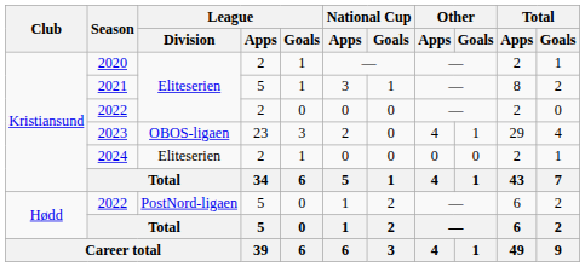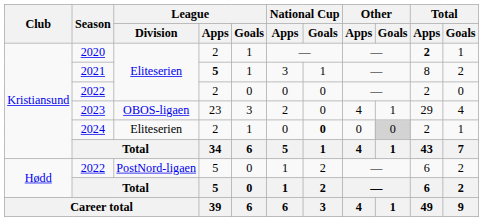 <table class="wikitable" Style="text-align: center">
 <tr>
 <th rowspan="2">Club</th>
 <th rowspan="2">Season</th>
 <th colspan="3">League</th>
 <th colspan="2">National Cup</th>
 <th colspan="2">Other</th>
 <th colspan="2">Total</th>
 </tr>
 <tr>
 <th>Division</th>
 <th>Apps</th>
 <th>Goals</th>
 <th>Apps</th>
 <th>Goals</th>
 <th>Apps</th>
 <th>Goals</th>
 <th>Apps</th>
 <th>Goals</th>
 </tr>
 <tr>
 <td rowspan="6"><a href='#'>Kristiansund</a></td>
 <td><a href='#'>2020</a></td>
 <td rowspan="3"><a href='#'>Eliteserien</a></td>
 <td>2</td>
 <td>1</td>
 <td colspan="2">—</td>
 <td colspan="2">—</td>
-<td>2</td>
+<td><strong>2</strong></td>
 <td>1</td>
 </tr>
 <tr>
 <td><a href='#'>2021</a></td>
-<td>5</td>
+<td><strong>5</strong></td>
 <td>1</td>
 <td>3</td>
 <td>1</td>
 <td colspan="2">—</td>
 <td>8</td>
 <td>2</td>
 </tr>
 <tr>
 <td><a href='#'>2022</a></td>
 <td>2</td>
 <td>0</td>
 <td>0</td>
 <td>0</td>
 <td colspan="2">—</td>
 <td>2</td>
 <td>0</td>
 </tr>
 <tr>
 <td><a href='#'>2023</a></td>
 <td><a href='#'>OBOS-ligaen</a></td>
 <td>23</td>
 <td>3</td>
 <td>2</td>
 <td>0</td>
 <td>4</td>
 <td>1</td>
 <td>29</td>
 <td>4</td>
 </tr>
 <tr>
 <td><a href='#'>2024</a></td>
 <td>Eliteserien</td>
 <td>2</td>
 <td>1</td>
 <td>0</td>
+<td><strong>0</strong></td>
 <td>0</td>
-<td>0</td>
-<td>0</td>
+<td style="background: lightgrey;">0</td>
 <td>2</td>
 <td>1</td>
 </tr>
 <tr>
 <th colspan="2">Total</th>
 <th>34</th>
 <th>6</th>
 <th>5</th>
 <th>1</th>
 <th>4</th>
 <th>1</th>
 <th>43</th>
 <th>7</th>
 </tr>
 <tr>
 <td rowspan="2"><a href='#'>Hødd</a></td>
 <td><a href='#'>2022</a></td>
 <td><a href='#'>PostNord-ligaen</a></td>
 <td>5</td>
 <td>0</td>
 <td>1</td>
 <td>2</td>
 <td colspan="2">—</td>
 <td>6</td>
 <td>2</td>
 </tr>
 <tr>
 <th colspan="2">Total</th>
 <th>5</th>
 <th>0</th>
 <th>1</th>
 <th>2</th>
 <th colspan="2">—</th>
 <th>6</th>
 <th>2</th>
 </tr>
 <tr>
 <th colspan="3">Career total</th>
 <th>39</th>
 <th>6</th>
 <th>6</th>
 <th>3</th>
 <th>4</th>
 <th>1</th>
 <th>49</th>
 <th>9</th>
 </tr>
 </table>
